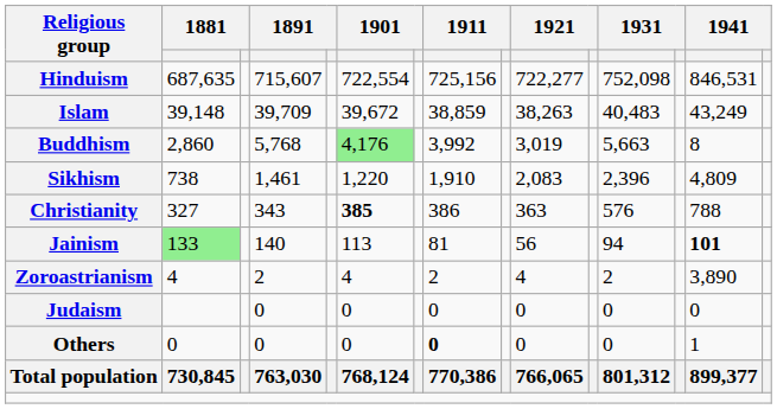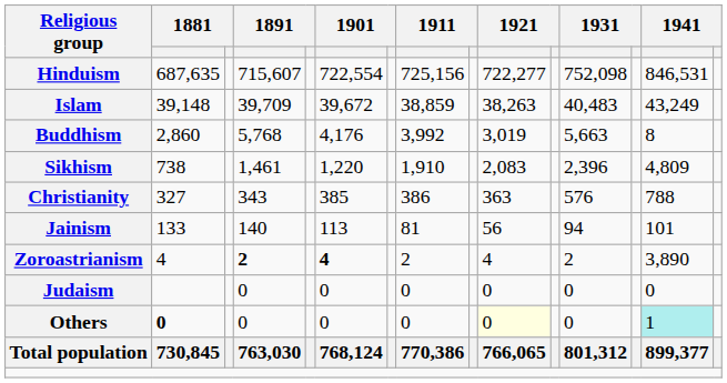 <table class="wikitable sortable">
 <tr>
 <th rowspan="2"><a href='#'>Religious</a><br>group</th>
 <th colspan="2">1881</th>
 <th colspan="2">1891</th>
 <th colspan="2">1901</th>
 <th colspan="2">1911</th>
 <th colspan="2">1921</th>
 <th colspan="2">1931</th>
 <th colspan="2">1941</th>
 </tr>
 <tr>
 <th><a href='#'></a></th>
 <th></th>
 <th></th>
 <th></th>
 <th></th>
 <th></th>
 <th></th>
 <th></th>
 <th></th>
 <th></th>
 <th></th>
 <th></th>
 <th></th>
 <th></th>
 </tr>
 <tr>
 <th><a href='#'>Hinduism</a> </th>
 <td>687,635</td>
 <td></td>
 <td>715,607</td>
 <td></td>
 <td>722,554</td>
 <td></td>
 <td>725,156</td>
 <td></td>
 <td>722,277</td>
 <td></td>
 <td>752,098</td>
 <td></td>
 <td>846,531</td>
 <td></td>
 </tr>
 <tr>
 <th><a href='#'>Islam</a> </th>
 <td>39,148</td>
 <td></td>
 <td>39,709</td>
 <td></td>
 <td>39,672</td>
 <td></td>
 <td>38,859</td>
 <td></td>
 <td>38,263</td>
 <td></td>
 <td>40,483</td>
 <td></td>
 <td>43,249</td>
 <td></td>
 </tr>
 <tr>
 <th><a href='#'>Buddhism</a> </th>
 <td>2,860</td>
 <td></td>
 <td>5,768</td>
 <td></td>
-<td style="background: lightgreen;">4,176</td>
+<td>4,176</td>
 <td></td>
 <td>3,992</td>
 <td></td>
 <td>3,019</td>
 <td></td>
 <td>5,663</td>
 <td></td>
 <td>8</td>
 <td></td>
 </tr>
 <tr>
 <th><a href='#'>Sikhism</a> </th>
 <td>738</td>
 <td></td>
 <td>1,461</td>
 <td></td>
 <td>1,220</td>
 <td></td>
 <td>1,910</td>
 <td></td>
 <td>2,083</td>
 <td></td>
 <td>2,396</td>
 <td></td>
 <td>4,809</td>
 <td></td>
 </tr>
 <tr>
 <th><a href='#'>Christianity</a> </th>
 <td>327</td>
 <td></td>
 <td>343</td>
 <td></td>
-<td><strong>385</strong></td>
+<td>385</td>
 <td></td>
 <td>386</td>
 <td></td>
 <td>363</td>
 <td></td>
 <td>576</td>
 <td></td>
 <td>788</td>
 <td></td>
 </tr>
 <tr>
 <th><a href='#'>Jainism</a> </th>
-<td style="background: lightgreen;">133</td>
+<td>133</td>
 <td></td>
 <td>140</td>
 <td></td>
 <td>113</td>
 <td></td>
 <td>81</td>
 <td></td>
 <td>56</td>
 <td></td>
 <td>94</td>
 <td></td>
-<td><strong>101</strong></td>
+<td>101</td>
 <td></td>
 </tr>
 <tr>
 <th><a href='#'>Zoroastrianism</a> </th>
 <td>4</td>
 <td></td>
-<td>2</td>
+<td><strong>2</strong></td>
 <td></td>
-<td>4</td>
+<td><strong>4</strong></td>
 <td></td>
 <td>2</td>
 <td></td>
 <td>4</td>
 <td></td>
 <td>2</td>
 <td></td>
 <td>3,890</td>
 <td></td>
 </tr>
 <tr>
 <th><a href='#'>Judaism</a> </th>
 <td></td>
 <td></td>
 <td>0</td>
 <td></td>
 <td>0</td>
 <td></td>
 <td>0</td>
 <td></td>
 <td>0</td>
 <td></td>
 <td>0</td>
 <td></td>
 <td>0</td>
 <td></td>
 </tr>
 <tr>
 <th>Others</th>
+<td><strong>0</strong></td>
+<td></td>
 <td>0</td>
 <td></td>
 <td>0</td>
 <td></td>
 <td>0</td>
 <td></td>
-<td><strong>0</strong></td>
+<td style="background: lightyellow;">0</td>
 <td></td>
 <td>0</td>
 <td></td>
-<td>0</td>
-<td></td>
-<td>1</td>
+<td style="background: paleturquoise;">1</td>
 <td></td>
 </tr>
 <tr>
 <th>Total population</th>
 <th>730,845</th>
 <th></th>
 <th>763,030</th>
 <th></th>
 <th>768,124</th>
 <th></th>
 <th>770,386</th>
 <th></th>
 <th>766,065</th>
 <th></th>
 <th>801,312</th>
 <th></th>
 <th>899,377</th>
 <th></th>
 </tr>
 <tr class="sortbottom">
 <td colspan="15"></td>
 </tr>
 </table>
